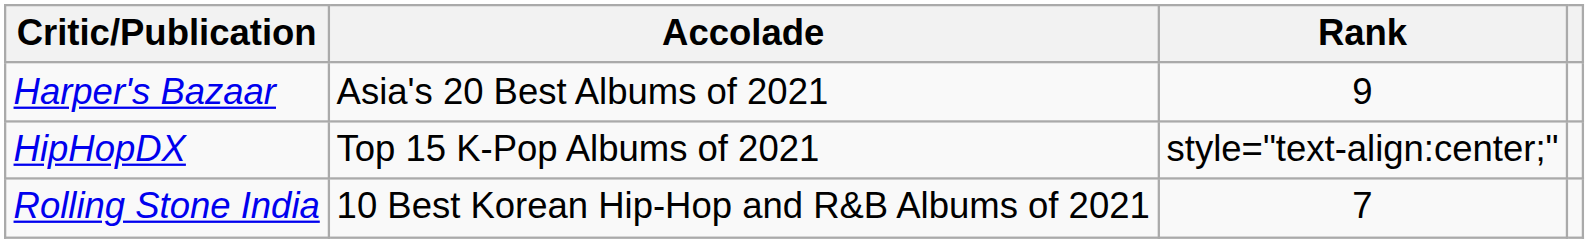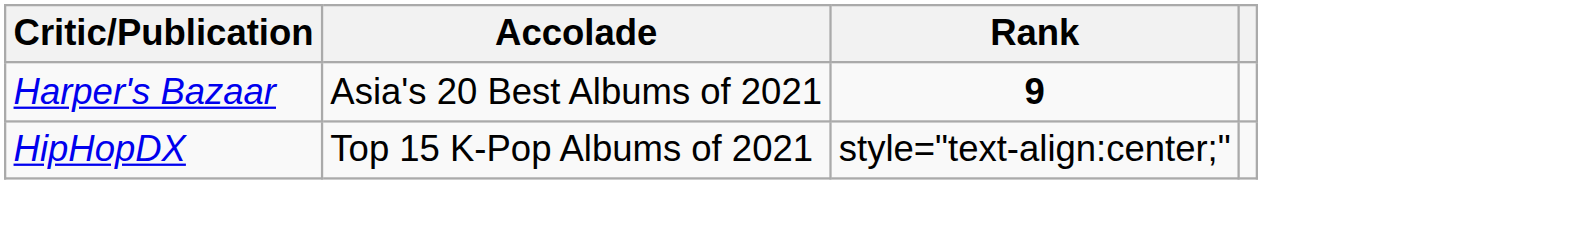 <table class="wikitable plainrowheaders">
 <tr>
 <th scope="col">Critic/Publication</th>
 <th scope="col">Accolade</th>
 <th scope="col">Rank</th>
 <th scope="col" class="unsortable"></th>
 </tr>
 <tr>
 <td><em><a href='#'>Harper's Bazaar</a></em></td>
 <td>Asia's 20 Best Albums of 2021</td>
-<td style="text-align:center;">9</td>
+<td style="text-align:center;"><strong>9</strong></td>
 <td style="text-align:center;"></td>
 </tr>
 <tr>
 <td><em><a href='#'>HipHopDX</a></em></td>
 <td>Top 15 K-Pop Albums of 2021</td>
 <td>style="text-align:center;" </td>
 <td style="text-align:center;"></td>
 </tr>
-<tr>
-<td><em><a href='#'>Rolling Stone India</a></em></td>
-<td>10 Best Korean Hip-Hop and R&B Albums of 2021</td>
-<td style="text-align:center;">7</td>
-<td style="text-align:center;"></td>
-</tr>
 </table>
